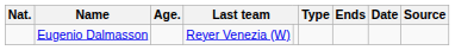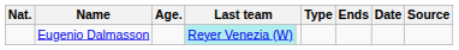 <table class="wikitable sortable">
 <tr>
 <th>Nat.</th>
 <th>Name</th>
 <th>Age.</th>
 <th colspan=2>Last team</th>
 <th>Type</th>
 <th>Ends</th>
 <th>Date</th>
 <th>Source</th>
 </tr>
 <tr>
 <td></td>
 <td><a href='#'>Eugenio Dalmasson</a></td>
 <td></td>
-<td><a href='#'>Reyer Venezia (W)</a></td>
+<td style="background: paleturquoise;"><a href='#'>Reyer Venezia (W)</a></td>
 <td></td>
 <td></td>
 <td></td>
 <td></td>
 <td></td>
 </tr>
 </table>
